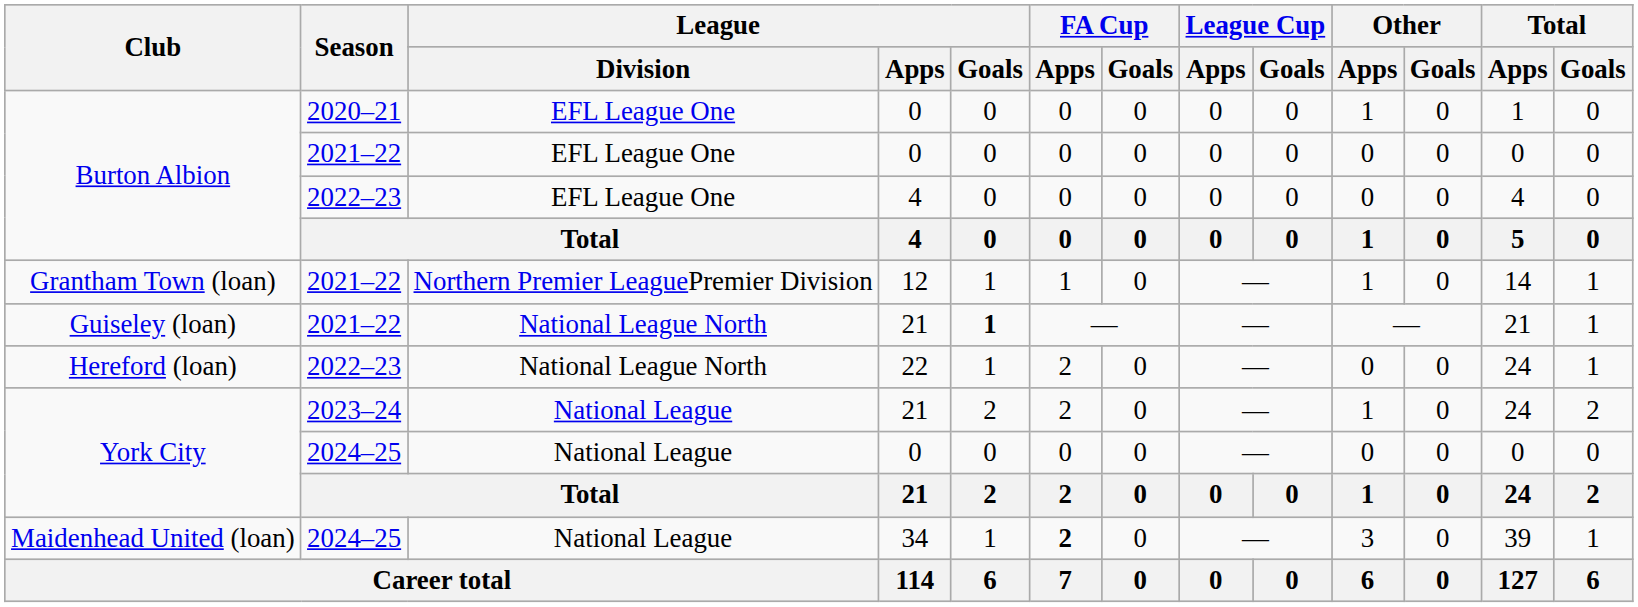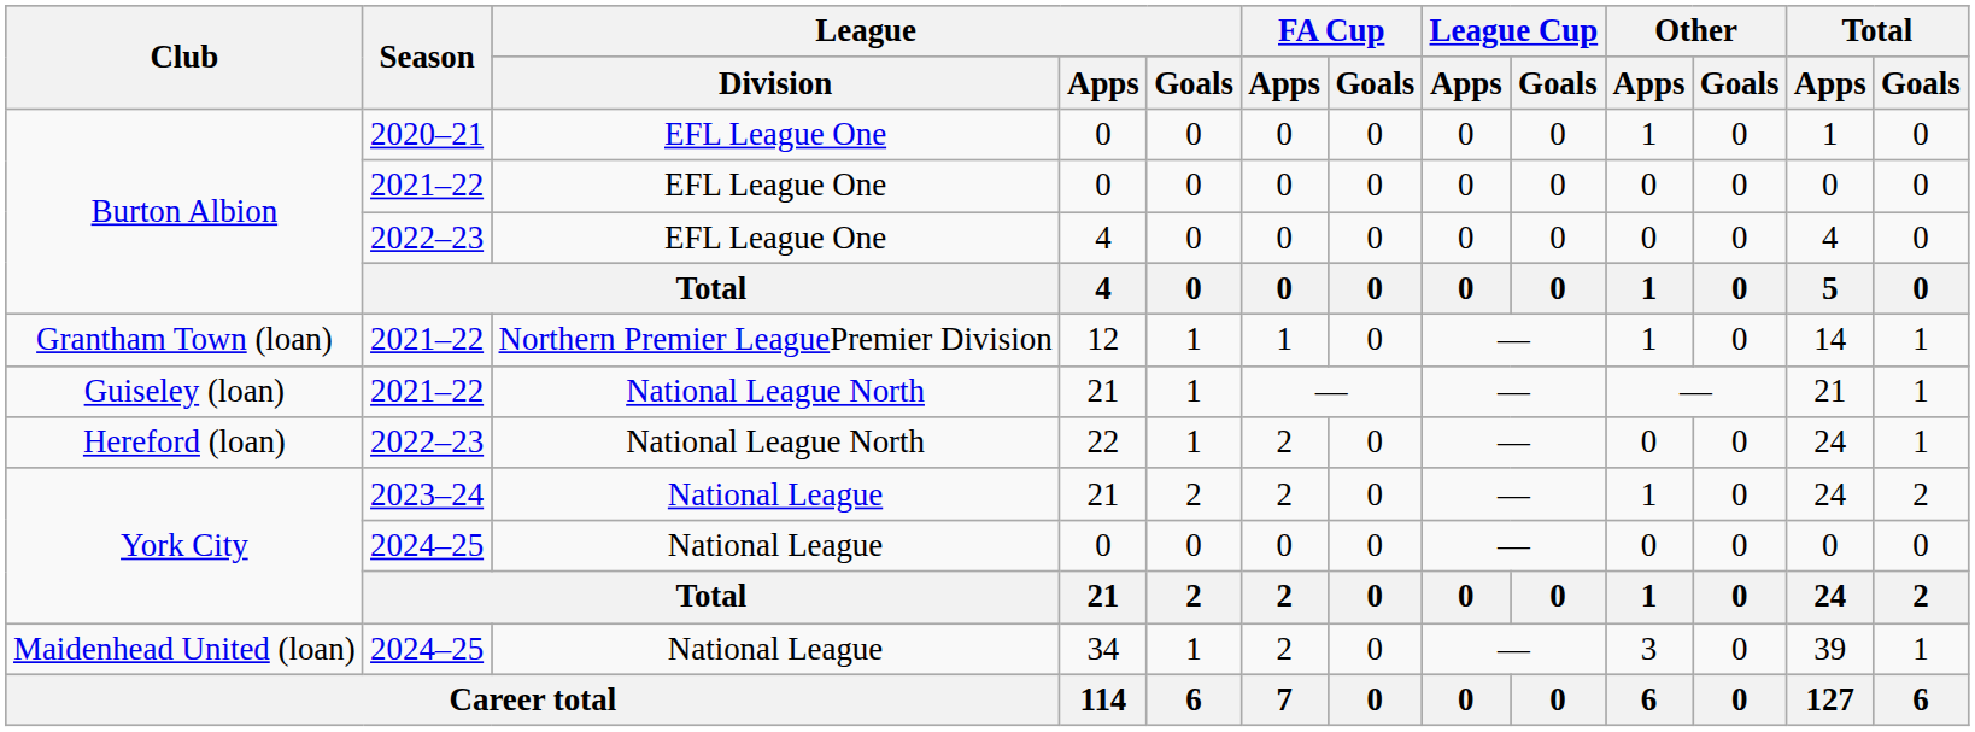 <table class="wikitable" style="text-align: center">
 <tr>
 <th rowspan="2">Club</th>
 <th rowspan="2">Season</th>
 <th colspan="3">League</th>
 <th colspan="2"><a href='#'>FA Cup</a></th>
 <th colspan="2"><a href='#'>League Cup</a></th>
 <th colspan="2">Other</th>
 <th colspan="2">Total</th>
 </tr>
 <tr>
 <th>Division</th>
 <th>Apps</th>
 <th>Goals</th>
 <th>Apps</th>
 <th>Goals</th>
 <th>Apps</th>
 <th>Goals</th>
 <th>Apps</th>
 <th>Goals</th>
 <th>Apps</th>
 <th>Goals</th>
 </tr>
 <tr>
 <td rowspan="4"><a href='#'>Burton Albion</a></td>
 <td><a href='#'>2020–21</a></td>
 <td><a href='#'>EFL League One</a></td>
 <td>0</td>
 <td>0</td>
 <td>0</td>
 <td>0</td>
 <td>0</td>
 <td>0</td>
 <td>1</td>
 <td>0</td>
 <td>1</td>
 <td>0</td>
 </tr>
 <tr>
 <td><a href='#'>2021–22</a></td>
 <td>EFL League One</td>
 <td>0</td>
 <td>0</td>
 <td>0</td>
 <td>0</td>
 <td>0</td>
 <td>0</td>
 <td>0</td>
 <td>0</td>
 <td>0</td>
 <td>0</td>
 </tr>
 <tr>
 <td><a href='#'>2022–23</a></td>
 <td>EFL League One</td>
 <td>4</td>
 <td>0</td>
 <td>0</td>
 <td>0</td>
 <td>0</td>
 <td>0</td>
 <td>0</td>
 <td>0</td>
 <td>4</td>
 <td>0</td>
 </tr>
 <tr>
 <th colspan="2">Total</th>
 <th>4</th>
 <th>0</th>
 <th>0</th>
 <th>0</th>
 <th>0</th>
 <th>0</th>
 <th>1</th>
 <th>0</th>
 <th>5</th>
 <th>0</th>
 </tr>
 <tr>
 <td><a href='#'>Grantham Town</a> (loan)</td>
 <td><a href='#'>2021–22</a></td>
 <td><a href='#'>Northern Premier League</a>Premier Division</td>
 <td>12</td>
 <td>1</td>
 <td>1</td>
 <td>0</td>
 <td colspan="2">—</td>
 <td>1</td>
 <td>0</td>
 <td>14</td>
 <td>1</td>
 </tr>
 <tr>
 <td><a href='#'>Guiseley</a> (loan)</td>
 <td><a href='#'>2021–22</a></td>
 <td><a href='#'>National League North</a></td>
 <td>21</td>
-<td><strong>1</strong></td>
+<td>1</td>
 <td colspan="2">—</td>
 <td colspan="2">—</td>
 <td colspan="2">—</td>
 <td>21</td>
 <td>1</td>
 </tr>
 <tr>
 <td><a href='#'>Hereford</a> (loan)</td>
 <td><a href='#'>2022–23</a></td>
 <td>National League North</td>
 <td>22</td>
 <td>1</td>
 <td>2</td>
 <td>0</td>
 <td colspan="2">—</td>
 <td>0</td>
 <td>0</td>
 <td>24</td>
 <td>1</td>
 </tr>
 <tr>
 <td rowspan="3"><a href='#'>York City</a></td>
 <td><a href='#'>2023–24</a></td>
 <td><a href='#'>National League</a></td>
 <td>21</td>
 <td>2</td>
 <td>2</td>
 <td>0</td>
 <td colspan="2">—</td>
 <td>1</td>
 <td>0</td>
 <td>24</td>
 <td>2</td>
 </tr>
 <tr>
 <td><a href='#'>2024–25</a></td>
 <td>National League</td>
 <td>0</td>
 <td>0</td>
 <td>0</td>
 <td>0</td>
 <td colspan="2">—</td>
 <td>0</td>
 <td>0</td>
 <td>0</td>
 <td>0</td>
 </tr>
 <tr>
 <th colspan="2">Total</th>
 <th>21</th>
 <th>2</th>
 <th>2</th>
 <th>0</th>
 <th>0</th>
 <th>0</th>
 <th>1</th>
 <th>0</th>
 <th>24</th>
 <th>2</th>
 </tr>
 <tr>
 <td><a href='#'>Maidenhead United</a> (loan)</td>
 <td><a href='#'>2024–25</a></td>
 <td>National League</td>
 <td>34</td>
 <td>1</td>
-<td><strong>2</strong></td>
+<td>2</td>
 <td>0</td>
 <td colspan="2">—</td>
 <td>3</td>
 <td>0</td>
 <td>39</td>
 <td>1</td>
 </tr>
 <tr>
 <th colspan="3">Career total</th>
 <th>114</th>
 <th>6</th>
 <th>7</th>
 <th>0</th>
 <th>0</th>
 <th>0</th>
 <th>6</th>
 <th>0</th>
 <th>127</th>
 <th>6</th>
 </tr>
 </table>
